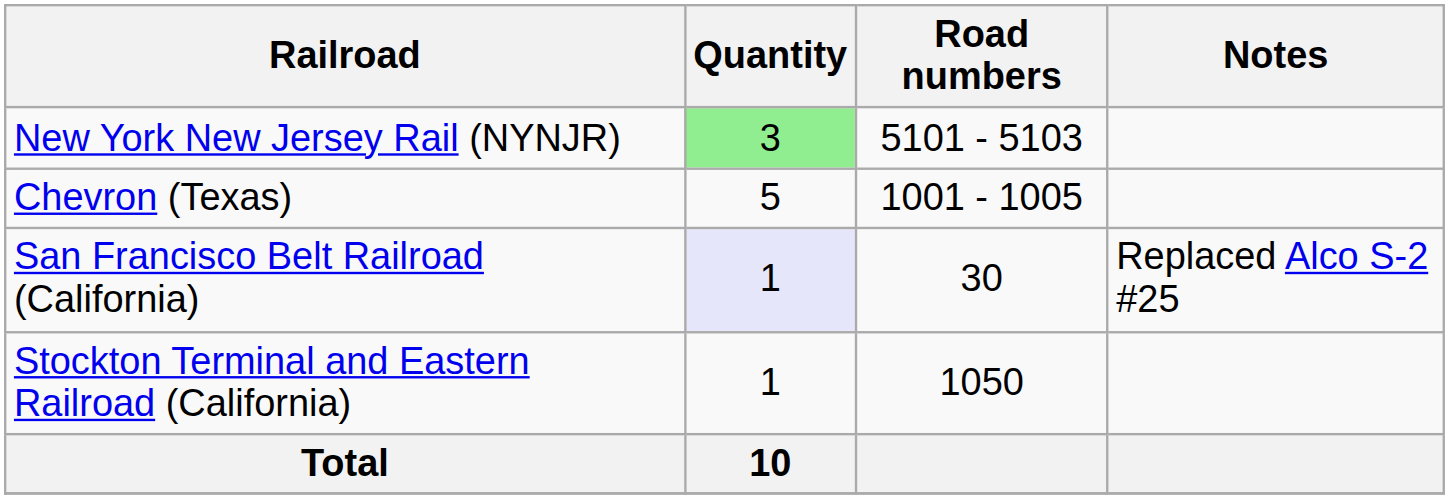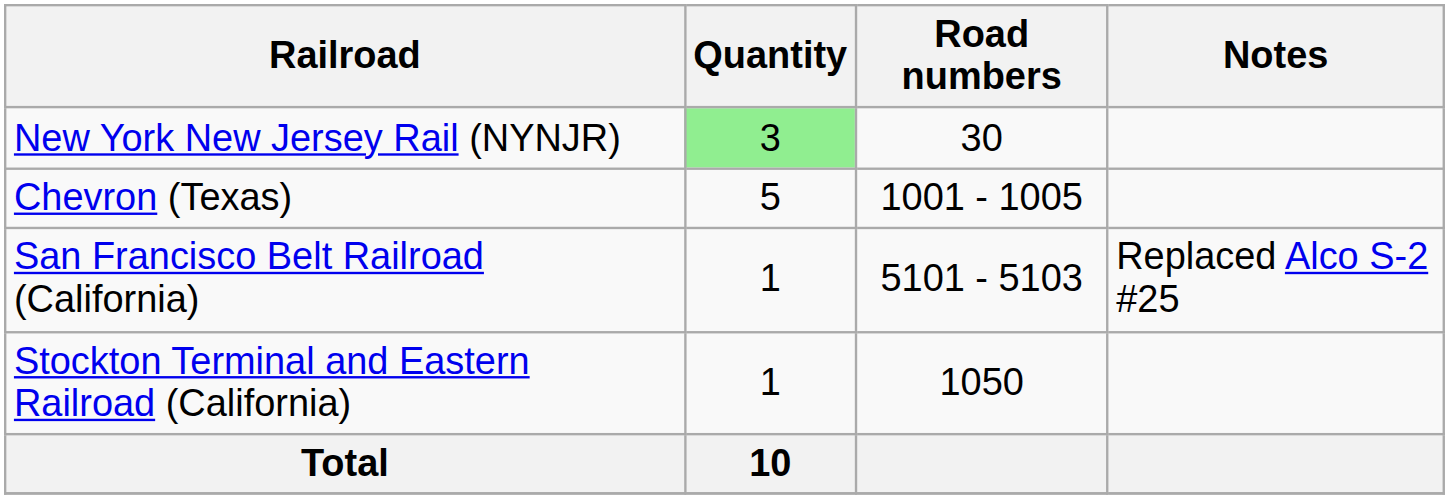 <table class="wikitable">
 <tr>
 <th>Railroad</th>
 <th>Quantity</th>
 <th>Road numbers</th>
 <th>Notes</th>
 </tr>
 <tr>
 <td><a href='#'>New York New Jersey Rail</a> (NYNJR)</td>
 <td style="background: lightgreen; text-align:center;">3</td>
-<td style="text-align:center;">5101 - 5103</td>
+<td style="text-align:center;">30</td>
 <td></td>
 </tr>
 <tr>
 <td><a href='#'>Chevron</a> (Texas)</td>
 <td style="text-align:center;">5</td>
 <td style="text-align:center;">1001 - 1005</td>
 <td></td>
 </tr>
 <tr>
 <td><a href='#'>San Francisco Belt Railroad</a> (California)</td>
-<td style="background: lavender; text-align:center;">1</td>
-<td style="text-align:center;">30</td>
+<td style="text-align:center;">1</td>
+<td style="text-align:center;">5101 - 5103</td>
 <td>Replaced <a href='#'>Alco S-2</a> #25</td>
 </tr>
 <tr>
 <td><a href='#'>Stockton Terminal and Eastern Railroad</a> (California)</td>
 <td style="text-align:center;">1</td>
 <td style="text-align:center;">1050</td>
 <td></td>
 </tr>
 <tr>
 <th>Total</th>
 <th>10</th>
 <th></th>
 <th></th>
 </tr>
 <tr>
 </tr>
 </table>
